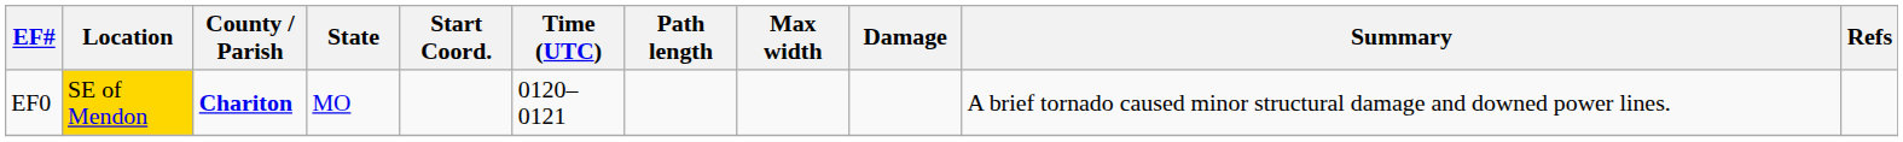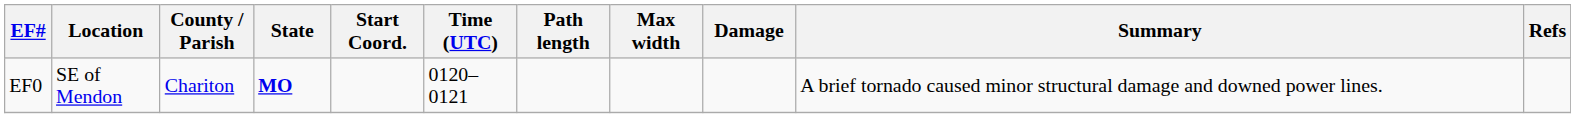 <table class="wikitable sortable" style="width:100%;">
 <tr>
 <th scope="col" width="3%" align="center"><a href='#'>EF#</a></th>
 <th scope="col" width="7%" align="center" class="unsortable">Location</th>
 <th scope="col" width="6%" align="center" class="unsortable">County / Parish</th>
 <th scope="col" width="5%" align="center">State</th>
 <th scope="col" width="6%" align="center">Start Coord.</th>
 <th scope="col" width="6%" align="center">Time (<a href='#'>UTC</a>)</th>
 <th scope="col" width="6%" align="center">Path length</th>
 <th scope="col" width="6%" align="center">Max width</th>
 <th scope="col" width="6%" align="center">Damage</th>
 <th scope="col" width="48%" class="unsortable" align="center">Summary</th>
 <th scope="col" width="48%" class="unsortable" align="center">Refs</th>
 </tr>
 <tr>
 <td>EF0</td>
-<td style="background: gold;">SE of <a href='#'>Mendon</a></td>
-<td><strong><a href='#'>Chariton</a></strong></td>
-<td><a href='#'>MO</a></td>
+<td>SE of <a href='#'>Mendon</a></td>
+<td><a href='#'>Chariton</a></td>
+<td><strong><a href='#'>MO</a></strong></td>
 <td></td>
 <td>0120–0121</td>
 <td></td>
 <td></td>
 <td></td>
 <td>A brief tornado caused minor structural damage and downed power lines.</td>
 <td></td>
 </tr>
 <tr>
 </tr>
 </table>
